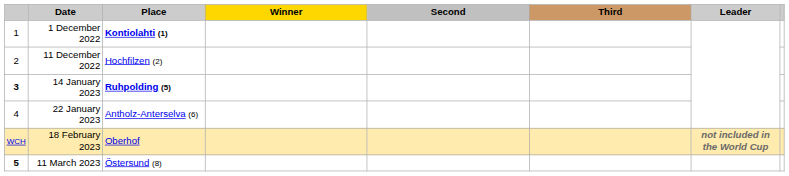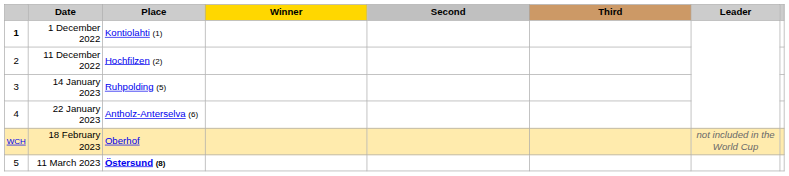 <table class="wikitable plainrowheaders" style="background:#fff; font-size:86%; line-height:16px; border:grey solid 1px; border-collapse:collapse;">
 <tr>
 <th scope="col" style="background:#ccc; width=5 px;"></th>
 <th scope="col" style="background:#ccc; width:100px;">Date</th>
 <th scope="col" style="background:#ccc; width:140px;">Place <br> </th>
 <th scope="col" style="background:gold; width:225px;">Winner</th>
 <th scope="col" style="background:silver; width:225px;">Second</th>
 <th scope="col" style="background:#c96; width:225px;">Third</th>
 <th scope="col" style="background:#ccc; width:120px;">Leader <br> </th>
 <th scope="col" style="background:#ccc; width=5 px;"></th>
 </tr>
 <tr>
-<td align="center">1</td>
+<td align="center"><strong>1</strong></td>
 <td align="right">1 December 2022</td>
-<td><strong> <a href='#'>Kontiolahti</a> <small>(1)</small></strong></td>
+<td> <a href='#'>Kontiolahti</a> <small>(1)</small></td>
 <td></td>
 <td></td>
 <td></td>
 <td rowspan=4></td>
 <td></td>
 </tr>
 <tr>
 <td align="center">2</td>
 <td align="right">11 December 2022</td>
 <td> <a href='#'>Hochfilzen</a> <small>(2)</small></td>
 <td></td>
 <td></td>
 <td></td>
 <td></td>
 </tr>
 <tr>
-<td align="center"><strong>3</strong></td>
+<td align="center">3</td>
 <td align="right">14 January 2023</td>
-<td><strong> <a href='#'>Ruhpolding</a> <small>(5)</small></strong></td>
+<td> <a href='#'>Ruhpolding</a> <small>(5)</small></td>
 <td></td>
 <td></td>
 <td></td>
 <td></td>
 </tr>
 <tr>
 <td align="center">4</td>
 <td align="right">22 January 2023</td>
 <td> <a href='#'>Antholz-Anterselva</a> <small>(6)</small></td>
 <td></td>
 <td></td>
 <td></td>
 <td></td>
 </tr>
 <tr style="background:#FFEBAD">
 <td align="center"><small><a href='#'>WCH</a></small></td>
 <td align="right">18 February 2023</td>
 <td> <a href='#'>Oberhof</a></td>
 <td></td>
 <td></td>
 <td></td>
-<td align="center" style=color:#696969><strong><em>not included in the World Cup</em></strong></td>
+<td align="center" style=color:#696969><em>not included in the World Cup</em></td>
 <td></td>
 </tr>
 <tr>
-<td align="center"><strong>5</strong></td>
+<td align="center">5</td>
 <td align="right">11 March 2023</td>
-<td> <a href='#'>Östersund</a> <small>(8)</small></td>
+<td><strong> <a href='#'>Östersund</a> <small>(8)</small></strong></td>
 <td></td>
 <td></td>
 <td></td>
 <td></td>
 <td></td>
 </tr>
 </table>
